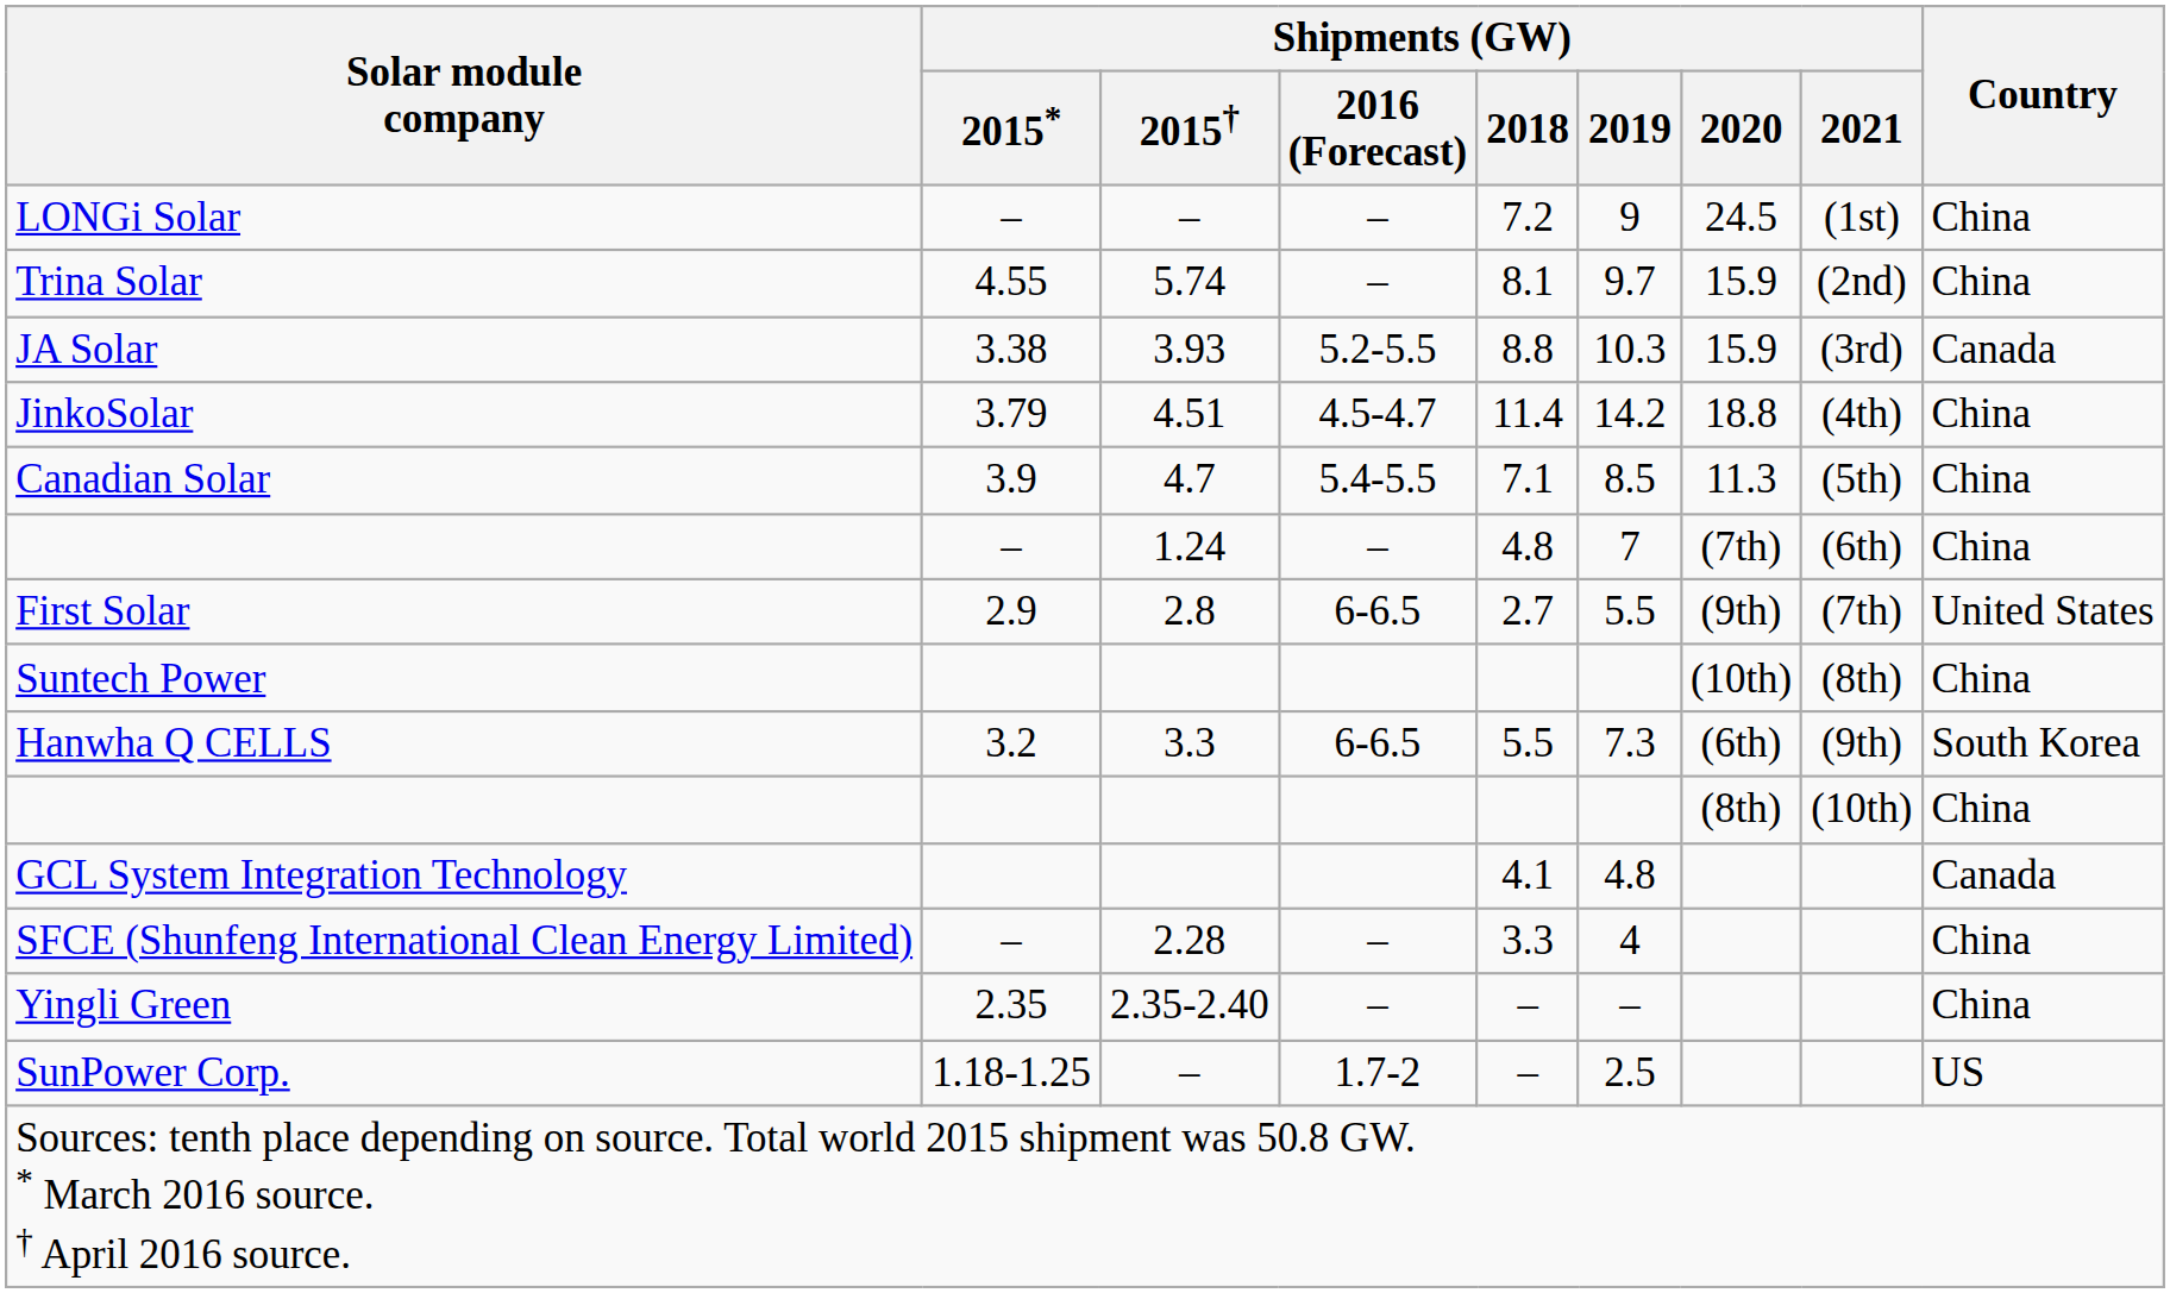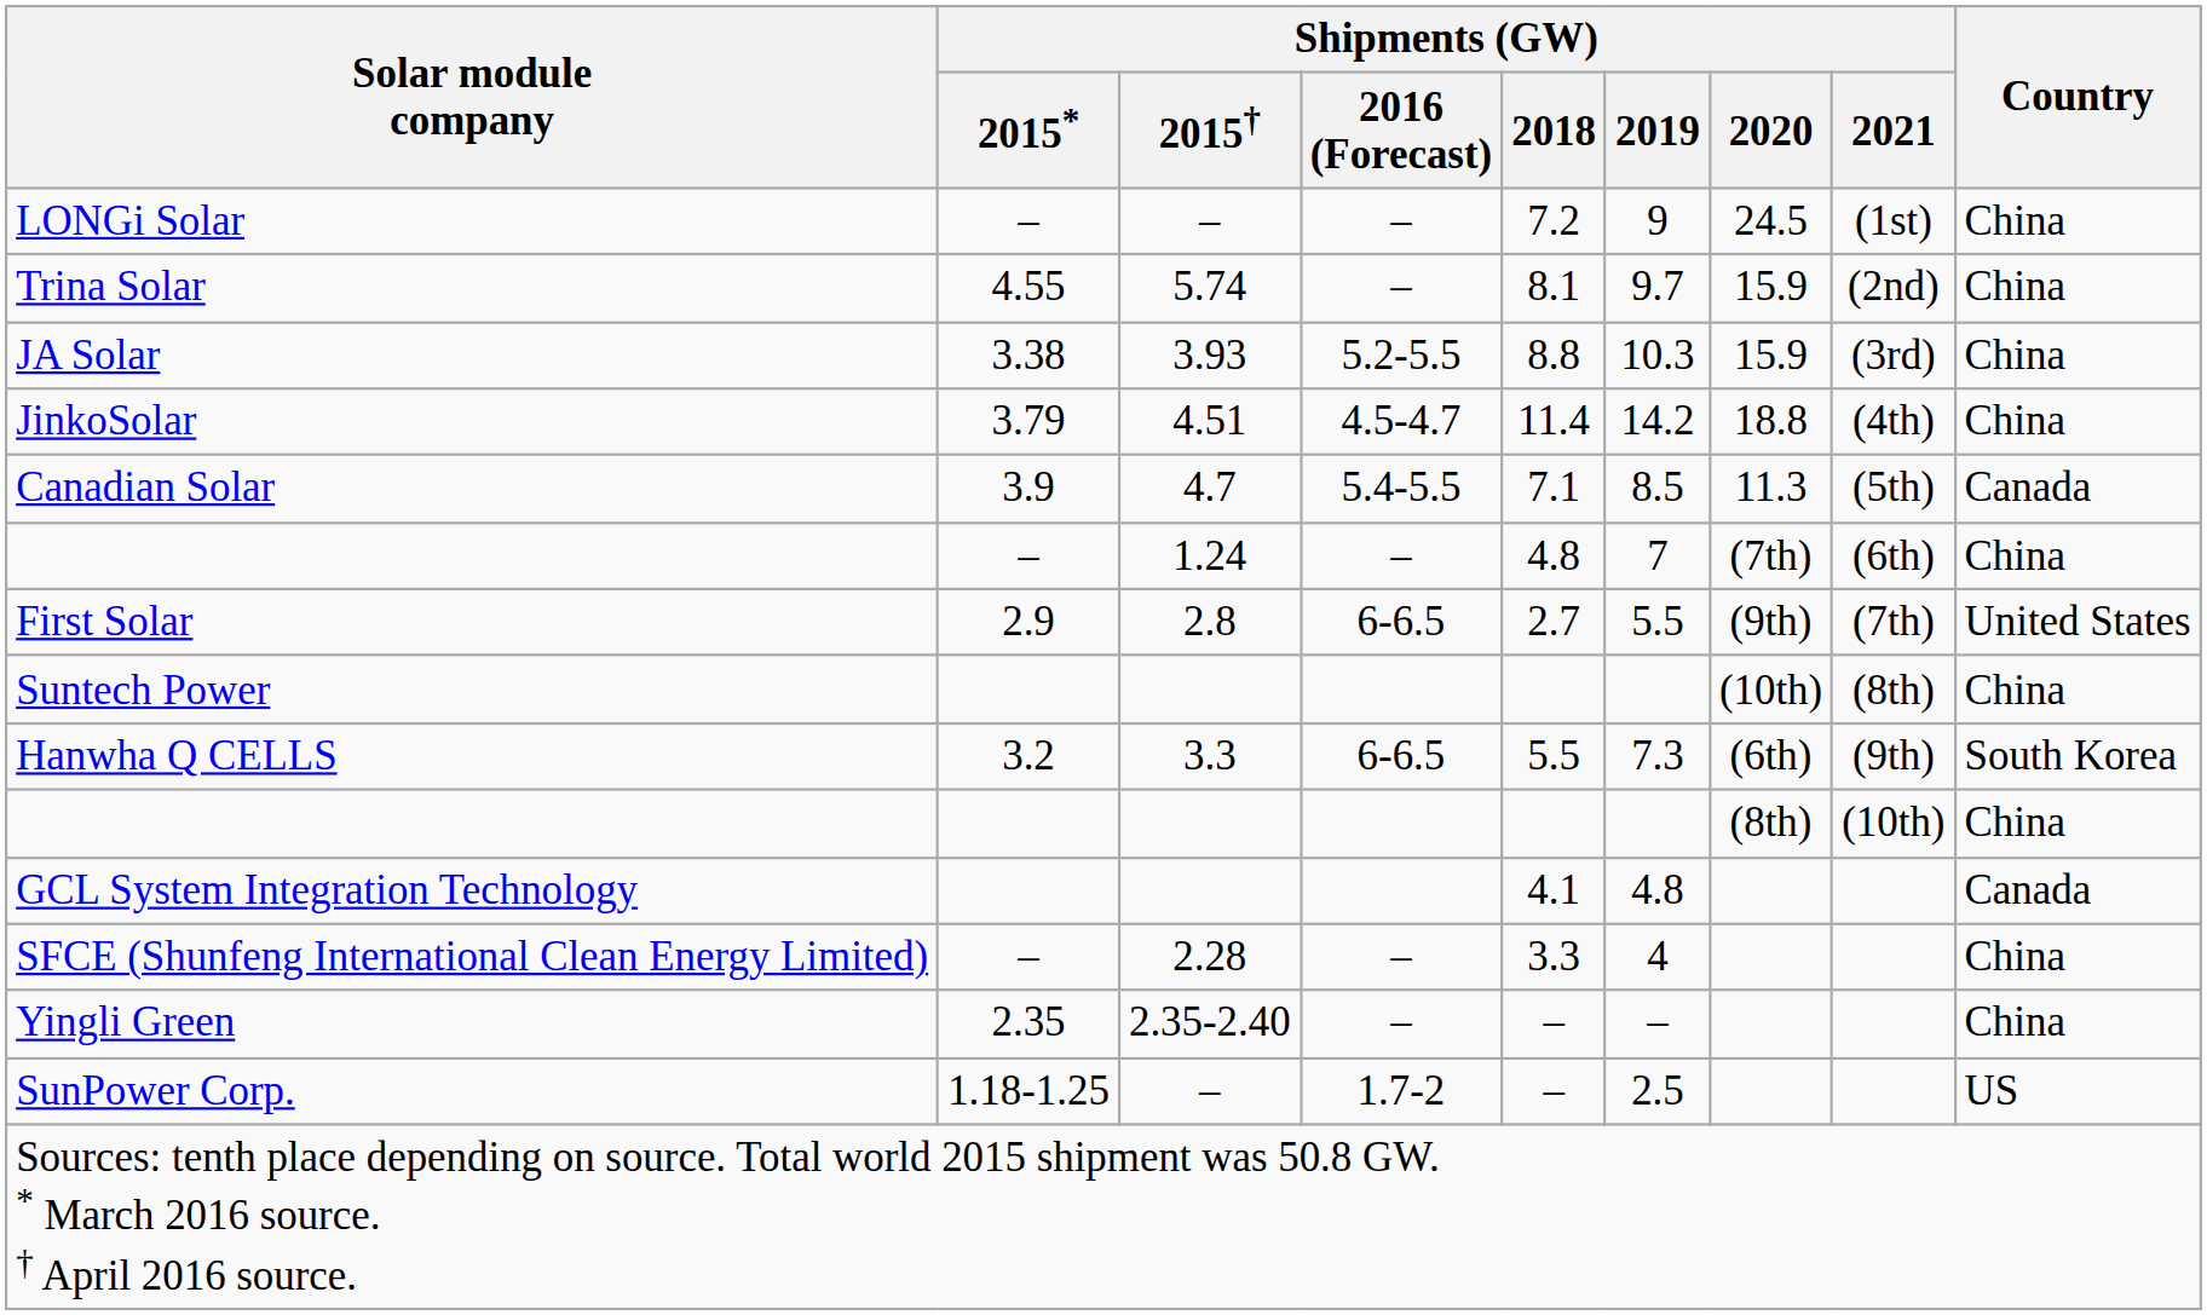 <table class="wikitable sortable" style="text-align: center;">
 <tr>
 <th rowspan="2">Solar module<br>company</th>
 <th colspan="7">Shipments (GW)</th>
 <th rowspan="2">Country</th>
 </tr>
 <tr>
 <th data-sort-type=number>2015<sup>*</sup></th>
 <th data-sort-type=number>2015<sup>†</sup></th>
 <th data-sort-type=number>2016<br>(Forecast)</th>
 <th data-sort-type=number>2018</th>
 <th data-sort-type=number>2019</th>
 <th>2020</th>
 <th>2021</th>
 </tr>
 <tr>
 <td align="left"><a href='#'>LONGi Solar</a></td>
 <td>–</td>
 <td>–</td>
 <td>–</td>
 <td>7.2</td>
 <td>9</td>
 <td>24.5</td>
 <td>(1st)</td>
 <td align="left"> China</td>
 </tr>
 <tr>
 <td align="left"><a href='#'>Trina Solar</a></td>
 <td align="center">4.55</td>
 <td align="center">5.74</td>
 <td align="center">–</td>
 <td>8.1</td>
 <td>9.7</td>
 <td>15.9</td>
 <td>(2nd)</td>
 <td align="left"> China</td>
 </tr>
 <tr>
 <td align="left"><a href='#'>JA Solar</a></td>
 <td align="center">3.38</td>
 <td align="center">3.93</td>
 <td align="center">5.2-5.5</td>
 <td>8.8</td>
 <td>10.3</td>
 <td>15.9</td>
 <td>(3rd)</td>
-<td align="left"> Canada</td>
+<td align="left"> China</td>
 </tr>
 <tr>
 <td align="left"><a href='#'>JinkoSolar</a></td>
 <td align="center">3.79</td>
 <td align="center">4.51</td>
 <td align="center">4.5-4.7</td>
 <td>11.4</td>
 <td>14.2</td>
 <td>18.8</td>
 <td>(4th)</td>
 <td align="left"> China</td>
 </tr>
 <tr>
 <td align=left><a href='#'>Canadian Solar</a></td>
 <td align="center">3.9</td>
 <td align="center">4.7</td>
 <td align="center">5.4-5.5</td>
 <td>7.1</td>
 <td>8.5</td>
 <td>11.3</td>
 <td>(5th)</td>
-<td align="left"> China</td>
+<td align="left"> Canada</td>
 </tr>
 <tr>
 <td align="left"></td>
 <td>–</td>
 <td>1.24</td>
 <td>–</td>
 <td>4.8</td>
 <td>7</td>
 <td>(7th)</td>
 <td>(6th)</td>
 <td align="left"> China</td>
 </tr>
 <tr>
 <td align="left"><a href='#'>First Solar</a></td>
 <td align="center">2.9</td>
 <td align="center">2.8</td>
 <td align="center">6-6.5</td>
 <td>2.7</td>
 <td>5.5</td>
 <td>(9th)</td>
 <td>(7th)</td>
 <td align="left"> United States</td>
 </tr>
 <tr>
 <td align="left"><a href='#'>Suntech Power</a></td>
 <td></td>
 <td></td>
 <td></td>
 <td></td>
 <td></td>
 <td>(10th)</td>
 <td>(8th)</td>
 <td align="left"> China</td>
 </tr>
 <tr>
 <td align="left"><a href='#'>Hanwha Q CELLS</a></td>
 <td align="center">3.2</td>
 <td align="center">3.3</td>
 <td align="center">6-6.5</td>
 <td>5.5</td>
 <td>7.3</td>
 <td>(6th)</td>
 <td>(9th)</td>
 <td align="left"> South Korea</td>
 </tr>
 <tr>
 <td align="left"></td>
 <td></td>
 <td></td>
 <td></td>
 <td></td>
 <td></td>
 <td>(8th)</td>
 <td>(10th)</td>
 <td align="left"> China</td>
 </tr>
 <tr>
 <td align="left"><a href='#'>GCL System Integration Technology</a></td>
 <td></td>
 <td></td>
 <td></td>
 <td>4.1</td>
 <td>4.8</td>
 <td></td>
 <td></td>
 <td align="left"> Canada</td>
 </tr>
 <tr>
 <td align="left"><a href='#'>SFCE (Shunfeng International Clean Energy Limited)</a></td>
 <td align="center">–</td>
 <td align="center">2.28</td>
 <td align="center">–</td>
 <td>3.3</td>
 <td>4</td>
 <td></td>
 <td></td>
 <td align="left"> China</td>
 </tr>
 <tr>
 <td align="left"><a href='#'>Yingli Green</a></td>
 <td align="center">2.35</td>
 <td align="center">2.35-2.40</td>
 <td align="center">–</td>
 <td>–</td>
 <td>–</td>
 <td></td>
 <td></td>
 <td align="left"> China</td>
 </tr>
 <tr>
 <td align="left"><a href='#'>SunPower Corp.</a></td>
 <td align="center">1.18-1.25</td>
 <td align="center">–</td>
 <td align="center">1.7-2</td>
 <td>–</td>
 <td>2.5</td>
 <td></td>
 <td></td>
 <td align="left"> US</td>
 </tr>
 <tr class="sortbottom">
 <td colspan="9" align="left">Sources: tenth place depending on source. Total world 2015 shipment was 50.8 GW.<br><sup>*</sup> March 2016 source.<br> <sup>†</sup> April 2016 source.</td>
 </tr>
 </table>
